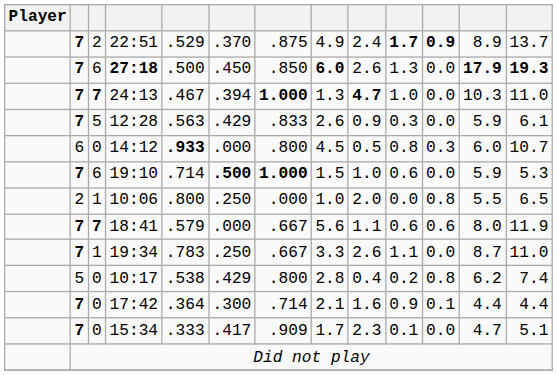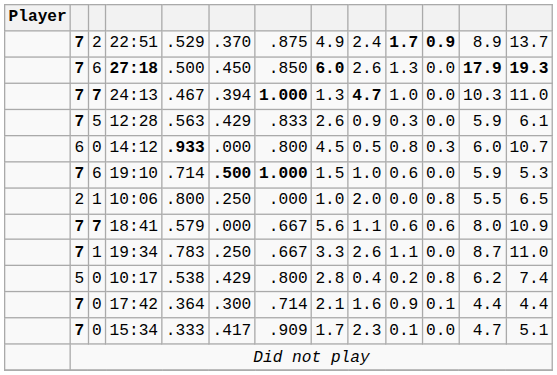 <table class="wikitable sortable" style="font-size:95%; text-align:right;">
 <tr>
 <th>Player</th>
 <th></th>
 <th></th>
 <th></th>
 <th></th>
 <th></th>
 <th></th>
 <th></th>
 <th></th>
 <th></th>
 <th></th>
 <th></th>
 <th></th>
 </tr>
 <tr>
 <td><strong></strong></td>
 <td><strong>7</strong></td>
 <td>2</td>
 <td>22:51</td>
 <td>.529</td>
 <td>.370</td>
 <td>.875</td>
 <td>4.9</td>
 <td>2.4</td>
 <td><strong>1.7</strong></td>
 <td><strong>0.9</strong></td>
 <td>8.9</td>
 <td>13.7</td>
 </tr>
 <tr>
 <td><strong></strong></td>
 <td><strong>7</strong></td>
 <td>6</td>
 <td><strong>27:18</strong></td>
 <td>.500</td>
 <td>.450</td>
 <td>.850</td>
 <td><strong>6.0</strong></td>
 <td>2.6</td>
 <td>1.3</td>
 <td>0.0</td>
 <td><strong>17.9</strong></td>
 <td><strong>19.3</strong></td>
 </tr>
 <tr>
 <td><strong></strong></td>
 <td><strong>7</strong></td>
 <td><strong>7</strong></td>
 <td>24:13</td>
 <td>.467</td>
 <td>.394</td>
 <td><strong>1.000</strong></td>
 <td>1.3</td>
 <td><strong>4.7</strong></td>
 <td>1.0</td>
 <td>0.0</td>
 <td>10.3</td>
 <td>11.0</td>
 </tr>
 <tr>
 <td><strong></strong></td>
 <td><strong>7</strong></td>
 <td>5</td>
 <td>12:28</td>
 <td>.563</td>
 <td>.429</td>
 <td>.833</td>
 <td>2.6</td>
 <td>0.9</td>
 <td>0.3</td>
 <td>0.0</td>
 <td>5.9</td>
 <td>6.1</td>
 </tr>
 <tr>
 <td><strong></strong></td>
 <td>6</td>
 <td>0</td>
 <td>14:12</td>
 <td><strong>.933</strong></td>
 <td>.000</td>
 <td>.800</td>
 <td>4.5</td>
 <td>0.5</td>
 <td>0.8</td>
 <td>0.3</td>
 <td>6.0</td>
 <td>10.7</td>
 </tr>
 <tr>
 <td><strong></strong></td>
 <td><strong>7</strong></td>
 <td>6</td>
 <td>19:10</td>
 <td>.714</td>
 <td><strong>.500</strong></td>
 <td><strong>1.000</strong></td>
 <td>1.5</td>
 <td>1.0</td>
 <td>0.6</td>
 <td>0.0</td>
 <td>5.9</td>
 <td>5.3</td>
 </tr>
 <tr>
 <td><strong></strong></td>
 <td>2</td>
 <td>1</td>
 <td>10:06</td>
 <td>.800</td>
 <td>.250</td>
 <td>.000</td>
 <td>1.0</td>
 <td>2.0</td>
 <td>0.0</td>
 <td>0.8</td>
 <td>5.5</td>
 <td>6.5</td>
 </tr>
 <tr>
 <td><strong></strong></td>
 <td><strong>7</strong></td>
 <td><strong>7</strong></td>
 <td>18:41</td>
 <td>.579</td>
 <td>.000</td>
 <td>.667</td>
 <td>5.6</td>
 <td>1.1</td>
 <td>0.6</td>
 <td>0.6</td>
 <td>8.0</td>
-<td>11.9</td>
+<td>10.9</td>
 </tr>
 <tr>
 <td><strong></strong></td>
 <td><strong>7</strong></td>
 <td>1</td>
 <td>19:34</td>
 <td>.783</td>
 <td>.250</td>
 <td>.667</td>
 <td>3.3</td>
 <td>2.6</td>
 <td>1.1</td>
 <td>0.0</td>
 <td>8.7</td>
 <td>11.0</td>
 </tr>
 <tr>
 <td><strong></strong></td>
 <td>5</td>
 <td>0</td>
 <td>10:17</td>
 <td>.538</td>
 <td>.429</td>
 <td>.800</td>
 <td>2.8</td>
 <td>0.4</td>
 <td>0.2</td>
 <td>0.8</td>
 <td>6.2</td>
 <td>7.4</td>
 </tr>
 <tr>
 <td><strong></strong></td>
 <td><strong>7</strong></td>
 <td>0</td>
 <td>17:42</td>
 <td>.364</td>
 <td>.300</td>
 <td>.714</td>
 <td>2.1</td>
 <td>1.6</td>
 <td>0.9</td>
 <td>0.1</td>
 <td>4.4</td>
 <td>4.4</td>
 </tr>
 <tr>
 <td><strong></strong></td>
 <td><strong>7</strong></td>
 <td>0</td>
 <td>15:34</td>
 <td>.333</td>
 <td>.417</td>
 <td>.909</td>
 <td>1.7</td>
 <td>2.3</td>
 <td>0.1</td>
 <td>0.0</td>
 <td>4.7</td>
 <td>5.1</td>
 </tr>
 <tr>
 <td><strong></strong></td>
 <td colspan=12 data-sort-value="-50" style="text-align:center"><em>Did not play</em></td>
 </tr>
 <tr>
 </tr>
 </table>
